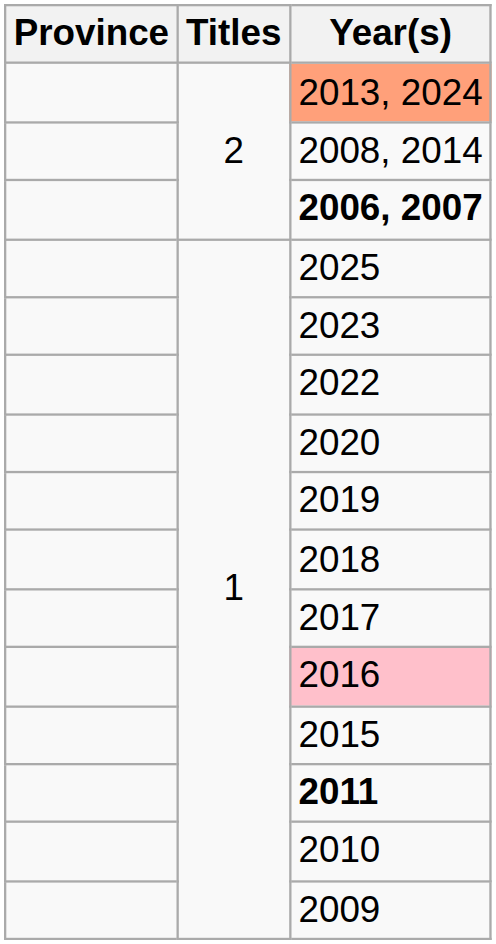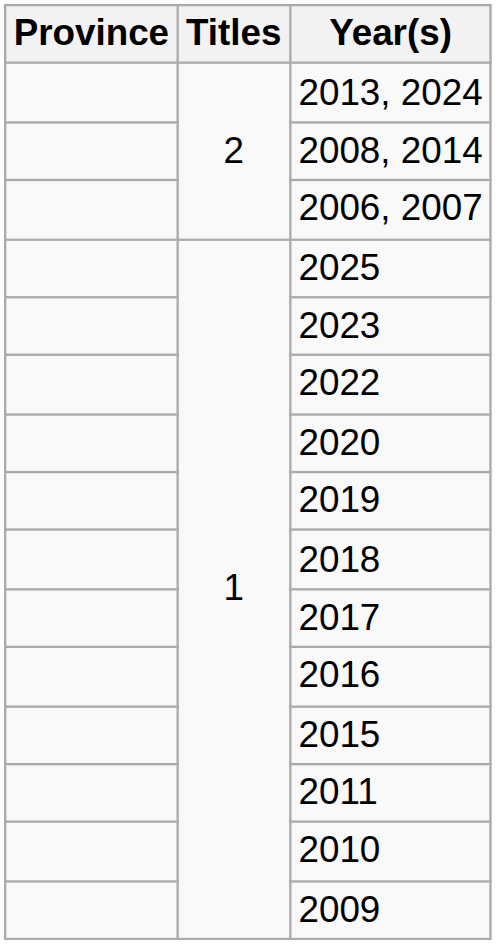 <table class="wikitable">
 <tr>
 <th>Province</th>
 <th>Titles</th>
 <th>Year(s)</th>
 </tr>
 <tr>
 <td></td>
 <td rowspan="3" style="text-align:center;">2</td>
-<td style="background: lightsalmon;">2013, 2024</td>
+<td>2013, 2024</td>
 </tr>
 <tr>
 <td></td>
 <td>2008, 2014</td>
 </tr>
 <tr>
 <td></td>
-<td><strong>2006, 2007</strong></td>
+<td>2006, 2007</td>
 </tr>
 <tr>
 <td></td>
 <td rowspan="12" style="text-align:center;">1</td>
 <td>2025</td>
 </tr>
 <tr>
 <td></td>
 <td>2023</td>
 </tr>
 <tr>
 <td></td>
 <td>2022</td>
 </tr>
 <tr>
 <td></td>
 <td>2020</td>
 </tr>
 <tr>
 <td></td>
 <td>2019</td>
 </tr>
 <tr>
 <td></td>
 <td>2018</td>
 </tr>
 <tr>
 <td></td>
 <td>2017</td>
 </tr>
 <tr>
 <td></td>
-<td style="background: pink;">2016</td>
+<td>2016</td>
 </tr>
 <tr>
 <td></td>
 <td>2015</td>
 </tr>
 <tr>
 <td></td>
-<td><strong>2011</strong></td>
+<td>2011</td>
 </tr>
 <tr>
 <td></td>
 <td>2010</td>
 </tr>
 <tr>
 <td></td>
 <td>2009</td>
 </tr>
 </table>
